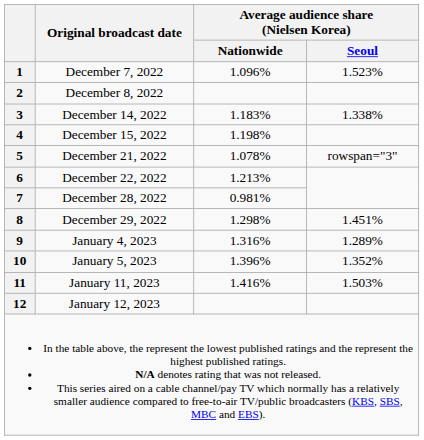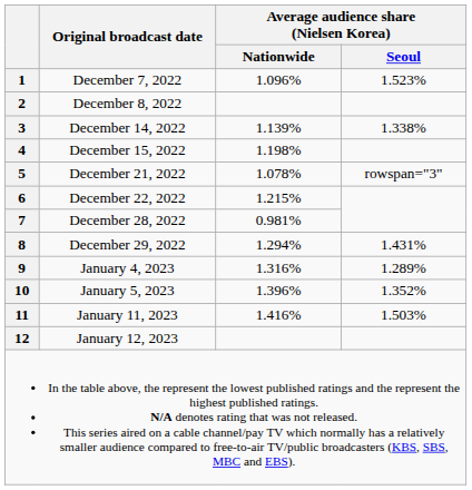 <table class="wikitable" style="margin-left:auto; margin-right:auto; width:500px; text-align:center">
 <tr>
 <th rowspan="2" scope="col"></th>
 <th rowspan="2" scope="col">Original broadcast date</th>
 <th colspan="2" scope="col">Average audience share<br>(Nielsen Korea)</th>
 </tr>
 <tr>
 <th scope="col" style="width:8em">Nationwide</th>
 <th scope="col" style="width:8em"><a href='#'>Seoul</a></th>
 </tr>
 <tr>
 <th>1</th>
 <td>December 7, 2022</td>
 <td>1.096% </td>
 <td>1.523% </td>
 </tr>
 <tr>
 <th>2</th>
 <td>December 8, 2022</td>
 <td><strong></strong> </td>
 <td></td>
 </tr>
 <tr>
 <th>3</th>
 <td>December 14, 2022</td>
-<td>1.183% </td>
+<td>1.139% </td>
 <td>1.338% </td>
 </tr>
 <tr>
 <th>4</th>
 <td>December 15, 2022</td>
 <td>1.198% </td>
 <td><strong></strong> </td>
 </tr>
 <tr>
 <th>5</th>
 <td>December 21, 2022</td>
 <td>1.078% </td>
 <td>rowspan="3" </td>
 </tr>
 <tr>
 <th>6</th>
 <td>December 22, 2022</td>
-<td>1.213% </td>
+<td>1.215% </td>
 </tr>
 <tr>
 <th>7</th>
 <td>December 28, 2022</td>
 <td>0.981% </td>
 </tr>
 <tr>
 <th>8</th>
 <td>December 29, 2022</td>
-<td>1.298% </td>
-<td>1.451% </td>
+<td>1.294% </td>
+<td>1.431% </td>
 </tr>
 <tr>
 <th>9</th>
 <td>January 4, 2023</td>
 <td>1.316% </td>
 <td>1.289% </td>
 </tr>
 <tr>
 <th>10</th>
 <td>January 5, 2023</td>
 <td>1.396% </td>
 <td>1.352% </td>
 </tr>
 <tr>
 <th>11</th>
 <td>January 11, 2023</td>
 <td>1.416% </td>
 <td>1.503% </td>
 </tr>
 <tr>
 <th>12</th>
 <td>January 12, 2023</td>
 <td><strong></strong> </td>
 <td><strong></strong> </td>
 </tr>
 <tr>
 <td colspan="4" style="font-size:85%"><br><ul><li>In the table above, the <strong></strong> represent the lowest published ratings and the <strong></strong> represent the highest published ratings.</li><li><strong>N/A</strong> denotes rating that was not released.</li><li>This series aired on a cable channel/pay TV which normally has a relatively smaller audience compared to free-to-air TV/public broadcasters (<a href='#'>KBS</a>, <a href='#'>SBS</a>, <a href='#'>MBC</a> and <a href='#'>EBS</a>).</li></ul></td>
 </tr>
 </table>
